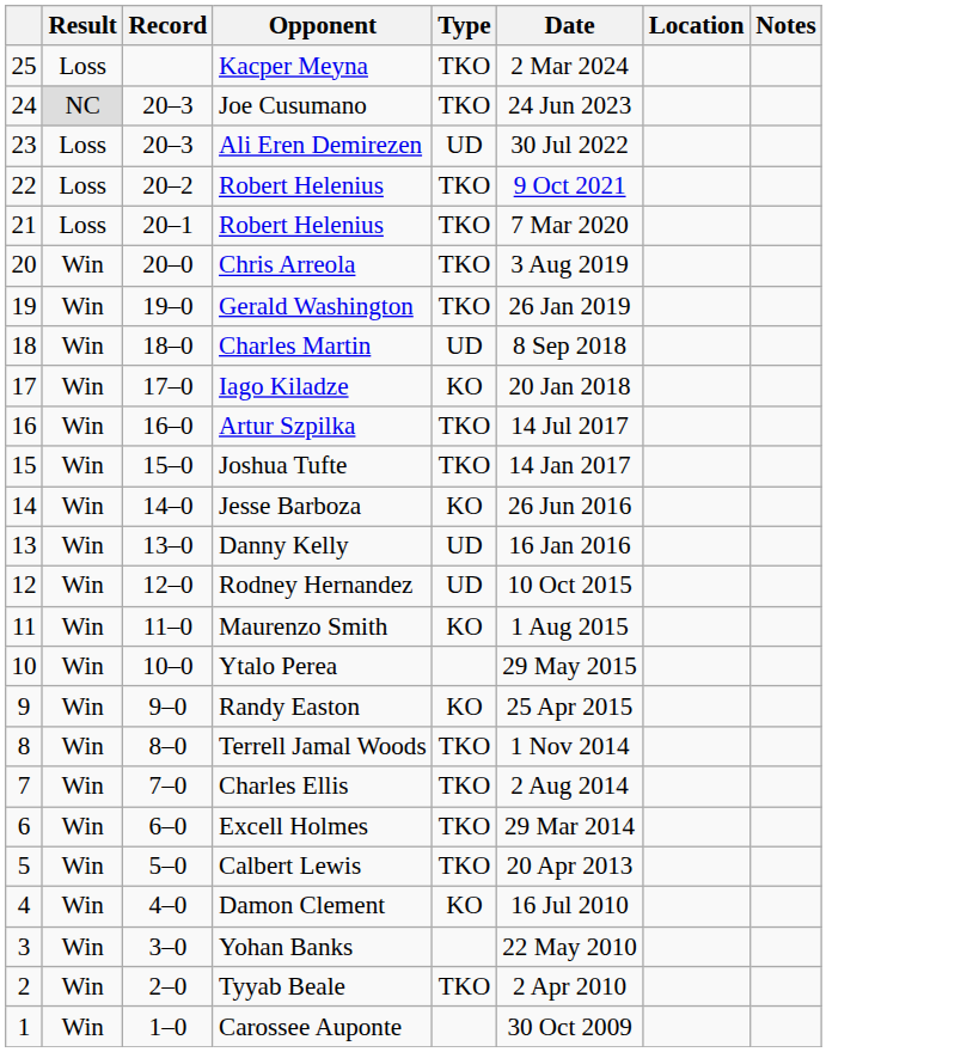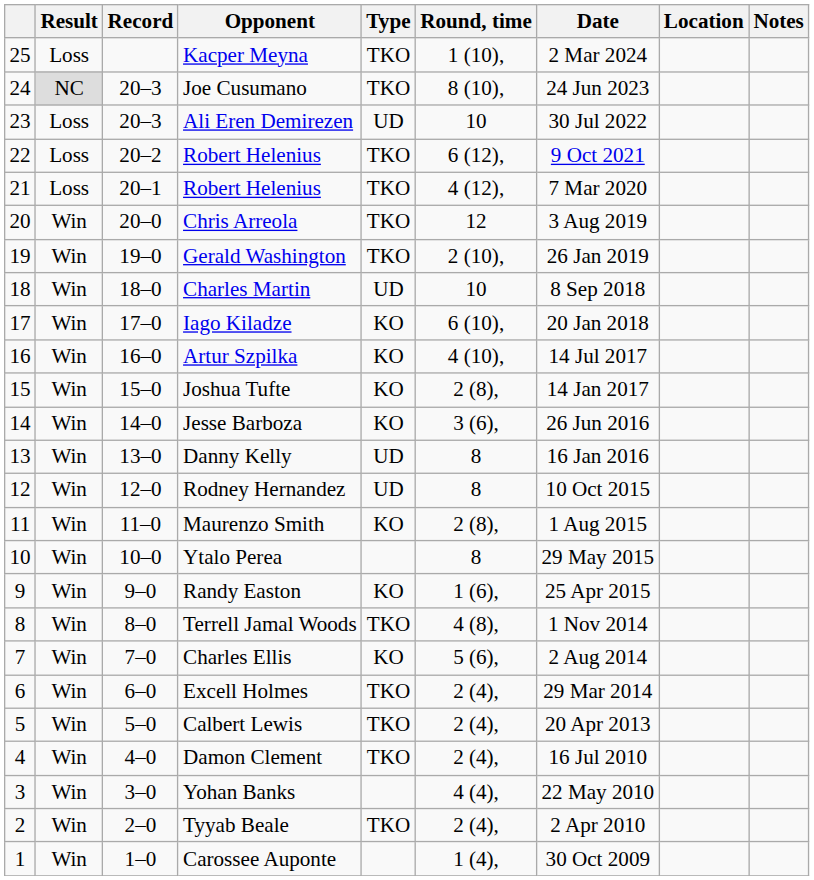 <table class="wikitable" style="text-align:center">
 <tr>
 <th></th>
 <th>Result</th>
 <th>Record</th>
 <th>Opponent</th>
 <th>Type</th>
+<th>Round, time</th>
 <th>Date</th>
 <th>Location</th>
 <th>Notes</th>
 </tr>
 <tr>
 <td>25</td>
 <td>Loss</td>
 <td></td>
 <td align=left><a href='#'>Kacper Meyna</a></td>
 <td>TKO</td>
+<td>1 (10), </td>
 <td>2 Mar 2024</td>
 <td align=left></td>
 <td align=left></td>
 </tr>
 <tr>
 <td>24</td>
 <td style="background:#DDD">NC</td>
 <td>20–3 </td>
 <td align=left>Joe Cusumano</td>
 <td>TKO</td>
+<td>8 (10), </td>
 <td>24 Jun 2023</td>
 <td align=left></td>
 <td align=left></td>
 </tr>
 <tr>
 <td>23</td>
 <td>Loss</td>
 <td>20–3</td>
 <td align=left><a href='#'>Ali Eren Demirezen</a></td>
 <td>UD</td>
+<td>10</td>
 <td>30 Jul 2022</td>
 <td align=left></td>
 <td></td>
 </tr>
 <tr>
 <td>22</td>
 <td>Loss</td>
 <td>20–2</td>
 <td align=left><a href='#'>Robert Helenius</a></td>
 <td>TKO</td>
+<td>6 (12), </td>
 <td><a href='#'>9 Oct 2021</a></td>
 <td align=left></td>
 <td></td>
 </tr>
 <tr>
 <td>21</td>
 <td>Loss</td>
 <td>20–1</td>
 <td align=left><a href='#'>Robert Helenius</a></td>
 <td>TKO</td>
+<td>4 (12), </td>
 <td>7 Mar 2020</td>
 <td align=left></td>
 <td align=left></td>
 </tr>
 <tr>
 <td>20</td>
 <td>Win</td>
 <td>20–0</td>
 <td style="text-align:left;"><a href='#'>Chris Arreola</a></td>
 <td>TKO</td>
+<td>12</td>
 <td>3 Aug 2019</td>
 <td style="text-align:left;"></td>
 <td style="text-align:left;"></td>
 </tr>
 <tr>
 <td>19</td>
 <td>Win</td>
 <td>19–0</td>
 <td style="text-align:left;"><a href='#'>Gerald Washington</a></td>
 <td>TKO</td>
+<td>2 (10), </td>
 <td>26 Jan 2019</td>
 <td style="text-align:left;"></td>
 <td></td>
 </tr>
 <tr>
 <td>18</td>
 <td>Win</td>
 <td>18–0</td>
 <td style="text-align:left;"><a href='#'>Charles Martin</a></td>
 <td>UD</td>
+<td>10</td>
 <td>8 Sep 2018</td>
 <td style="text-align:left;"></td>
 <td></td>
 </tr>
 <tr>
 <td>17</td>
 <td>Win</td>
 <td>17–0</td>
 <td style="text-align:left;"><a href='#'>Iago Kiladze</a></td>
 <td>KO</td>
+<td>6 (10), </td>
 <td>20 Jan 2018</td>
 <td style="text-align:left;"></td>
 <td></td>
 </tr>
 <tr>
 <td>16</td>
 <td>Win</td>
 <td>16–0</td>
 <td style="text-align:left;"><a href='#'>Artur Szpilka</a></td>
-<td>TKO</td>
+<td>KO</td>
+<td>4 (10), </td>
 <td>14 Jul 2017</td>
 <td style="text-align:left;"></td>
 <td></td>
 </tr>
 <tr>
 <td>15</td>
 <td>Win</td>
 <td>15–0</td>
 <td style="text-align:left;">Joshua Tufte</td>
-<td>TKO</td>
+<td>KO</td>
+<td>2 (8), </td>
 <td>14 Jan 2017</td>
 <td style="text-align:left;"></td>
 <td></td>
 </tr>
 <tr>
 <td>14</td>
 <td>Win</td>
 <td>14–0</td>
 <td style="text-align:left;">Jesse Barboza</td>
 <td>KO</td>
+<td>3 (6), </td>
 <td>26 Jun 2016</td>
 <td style="text-align:left;"></td>
 <td></td>
 </tr>
 <tr>
 <td>13</td>
 <td>Win</td>
 <td>13–0</td>
 <td style="text-align:left;">Danny Kelly</td>
 <td>UD</td>
+<td>8</td>
 <td>16 Jan 2016</td>
 <td style="text-align:left;"></td>
 <td></td>
 </tr>
 <tr>
 <td>12</td>
 <td>Win</td>
 <td>12–0</td>
 <td style="text-align:left;">Rodney Hernandez</td>
 <td>UD</td>
+<td>8</td>
 <td>10 Oct 2015</td>
 <td style="text-align:left;"></td>
 <td></td>
 </tr>
 <tr>
 <td>11</td>
 <td>Win</td>
 <td>11–0</td>
 <td style="text-align:left;">Maurenzo Smith</td>
 <td>KO</td>
+<td>2 (8), </td>
 <td>1 Aug 2015</td>
 <td style="text-align:left;"></td>
 <td></td>
 </tr>
 <tr>
 <td>10</td>
 <td>Win</td>
 <td>10–0</td>
 <td style="text-align:left;">Ytalo Perea</td>
 <td></td>
+<td>8</td>
 <td>29 May 2015</td>
 <td style="text-align:left;"></td>
 <td></td>
 </tr>
 <tr>
 <td>9</td>
 <td>Win</td>
 <td>9–0</td>
 <td style="text-align:left;">Randy Easton</td>
 <td>KO</td>
+<td>1 (6), </td>
 <td>25 Apr 2015</td>
 <td style="text-align:left;"></td>
 <td></td>
 </tr>
 <tr>
 <td>8</td>
 <td>Win</td>
 <td>8–0</td>
 <td style="text-align:left;">Terrell Jamal Woods</td>
 <td>TKO</td>
+<td>4 (8), </td>
 <td>1 Nov 2014</td>
 <td style="text-align:left;"></td>
 <td></td>
 </tr>
 <tr>
 <td>7</td>
 <td>Win</td>
 <td>7–0</td>
 <td style="text-align:left;">Charles Ellis</td>
-<td>TKO</td>
+<td>KO</td>
+<td>5 (6), </td>
 <td>2 Aug 2014</td>
 <td style="text-align:left;"></td>
 <td></td>
 </tr>
 <tr>
 <td>6</td>
 <td>Win</td>
 <td>6–0</td>
 <td style="text-align:left;">Excell Holmes</td>
 <td>TKO</td>
+<td>2 (4), </td>
 <td>29 Mar 2014</td>
 <td style="text-align:left;"></td>
 <td></td>
 </tr>
 <tr>
 <td>5</td>
 <td>Win</td>
 <td>5–0</td>
 <td style="text-align:left;">Calbert Lewis</td>
 <td>TKO</td>
+<td>2 (4), </td>
 <td>20 Apr 2013</td>
 <td style="text-align:left;"></td>
 <td></td>
 </tr>
 <tr>
 <td>4</td>
 <td>Win</td>
 <td>4–0</td>
 <td style="text-align:left;">Damon Clement</td>
-<td>KO</td>
+<td>TKO</td>
+<td>2 (4), </td>
 <td>16 Jul 2010</td>
 <td style="text-align:left;"></td>
 <td></td>
 </tr>
 <tr>
 <td>3</td>
 <td>Win</td>
 <td>3–0</td>
 <td style="text-align:left;">Yohan Banks</td>
 <td></td>
+<td>4 (4), </td>
 <td>22 May 2010</td>
 <td style="text-align:left;"></td>
 <td></td>
 </tr>
 <tr>
 <td>2</td>
 <td>Win</td>
 <td>2–0</td>
 <td style="text-align:left;">Tyyab Beale</td>
 <td>TKO</td>
+<td>2 (4), </td>
 <td>2 Apr 2010</td>
 <td style="text-align:left;"></td>
 <td></td>
 </tr>
 <tr>
 <td>1</td>
 <td>Win</td>
 <td>1–0</td>
 <td style="text-align:left;">Carossee Auponte</td>
 <td></td>
+<td>1 (4), </td>
 <td>30 Oct 2009</td>
 <td style="text-align:left;"></td>
 <td></td>
 </tr>
 </table>
